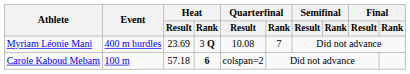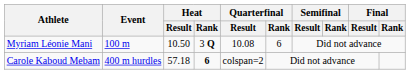 <table class=wikitable style="font-size:90%">
 <tr>
 <th rowspan="2">Athlete</th>
 <th rowspan="2">Event</th>
 <th colspan="2">Heat</th>
 <th colspan="2">Quarterfinal</th>
 <th colspan="2">Semifinal</th>
 <th colspan="2">Final</th>
 </tr>
 <tr style="font-size:95%">
 <th>Result</th>
 <th>Rank</th>
 <th>Result</th>
 <th>Rank</th>
 <th>Result</th>
 <th>Rank</th>
 <th>Result</th>
 <th>Rank</th>
 </tr>
 <tr align=center>
 <td align=left><a href='#'>Myriam Léonie Mani</a></td>
-<td align=left><a href='#'>400 m hurdles</a></td>
-<td>23.69</td>
+<td align=left><a href='#'>100 m</a></td>
+<td>10.50</td>
 <td>3 <strong>Q</strong></td>
 <td>10.08</td>
-<td>7</td>
+<td>6</td>
 <td colspan=4>Did not advance</td>
 </tr>
 <tr align=center>
 <td align=left><a href='#'>Carole Kaboud Mebam</a></td>
-<td align=left><a href='#'>100 m</a></td>
+<td align=left><a href='#'>400 m hurdles</a></td>
 <td>57.18</td>
 <td><strong>6</strong></td>
 <td>colspan=2 </td>
 <td colspan=4>Did not advance</td>
 </tr>
 </table>
